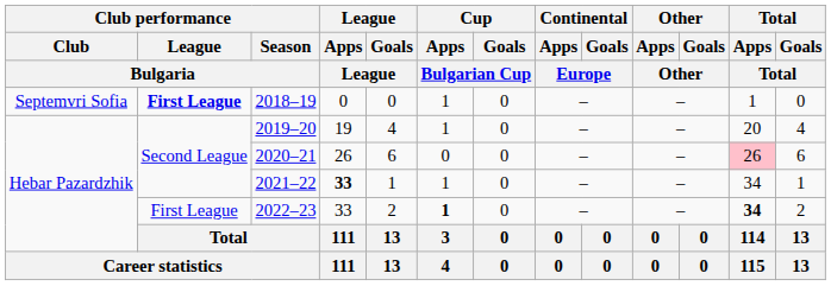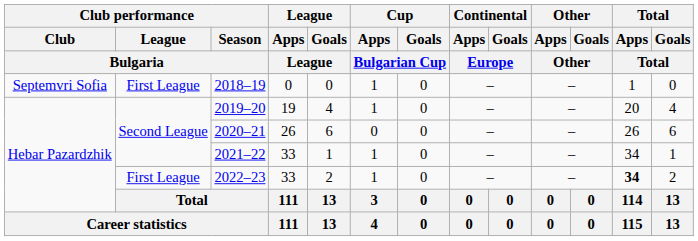 <table class="wikitable" style="text-align: center">
 <tr>
 <th Colspan="3">Club performance</th>
 <th Colspan="2">League</th>
 <th Colspan="2">Cup</th>
 <th Colspan="2">Continental</th>
 <th Colspan="2">Other</th>
 <th Colspan="3">Total</th>
 </tr>
 <tr>
 <th>Club</th>
 <th>League</th>
 <th>Season</th>
 <th>Apps</th>
 <th>Goals</th>
 <th>Apps</th>
 <th>Goals</th>
 <th>Apps</th>
 <th>Goals</th>
 <th>Apps</th>
 <th>Goals</th>
 <th>Apps</th>
 <th>Goals</th>
 </tr>
 <tr>
 <th Colspan="3">Bulgaria</th>
 <th Colspan="2">League</th>
 <th Colspan="2"><a href='#'>Bulgarian Cup</a></th>
 <th Colspan="2"><a href='#'>Europe</a></th>
 <th Colspan="2">Other</th>
 <th Colspan="2">Total</th>
 </tr>
 <tr>
 <td rowspan="1" valign="center"><a href='#'>Septemvri Sofia</a></td>
-<td rowspan="1"><strong><a href='#'>First League</a></strong></td>
+<td rowspan="1"><a href='#'>First League</a></td>
 <td><a href='#'>2018–19</a></td>
 <td>0</td>
 <td>0</td>
 <td>1</td>
 <td>0</td>
 <td colspan="2">–</td>
 <td colspan="2">–</td>
 <td>1</td>
 <td>0</td>
 </tr>
 <tr>
 <td rowspan="5" valign="center"><a href='#'>Hebar Pazardzhik</a></td>
 <td rowspan="3"><a href='#'>Second League</a></td>
 <td><a href='#'>2019–20</a></td>
 <td>19</td>
 <td>4</td>
 <td>1</td>
 <td>0</td>
 <td colspan="2">–</td>
 <td colspan="2">–</td>
 <td>20</td>
 <td>4</td>
 </tr>
 <tr>
 <td><a href='#'>2020–21</a></td>
 <td>26</td>
 <td>6</td>
 <td>0</td>
 <td>0</td>
 <td colspan="2">–</td>
 <td colspan="2">–</td>
-<td style="background: pink;">26</td>
+<td>26</td>
 <td>6</td>
 </tr>
 <tr>
 <td><a href='#'>2021–22</a></td>
-<td><strong>33</strong></td>
+<td>33</td>
 <td>1</td>
 <td>1</td>
 <td>0</td>
 <td colspan="2">–</td>
 <td colspan="2">–</td>
 <td>34</td>
 <td>1</td>
 </tr>
 <tr>
 <td rowspan="1"><a href='#'>First League</a></td>
 <td><a href='#'>2022–23</a></td>
 <td>33</td>
 <td>2</td>
-<td><strong>1</strong></td>
+<td>1</td>
 <td>0</td>
 <td colspan="2">–</td>
 <td colspan="2">–</td>
 <td><strong>34</strong></td>
 <td>2</td>
 </tr>
 <tr>
 <th colspan=2>Total</th>
 <th>111</th>
 <th>13</th>
 <th>3</th>
 <th>0</th>
 <th>0</th>
 <th>0</th>
 <th>0</th>
 <th>0</th>
 <th>114</th>
 <th>13</th>
 </tr>
 <tr>
 <th colspan="3">Career statistics</th>
 <th>111</th>
 <th>13</th>
 <th>4</th>
 <th>0</th>
 <th>0</th>
 <th>0</th>
 <th>0</th>
 <th>0</th>
 <th>115</th>
 <th>13</th>
 </tr>
 </table>
